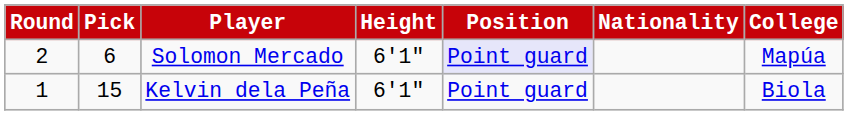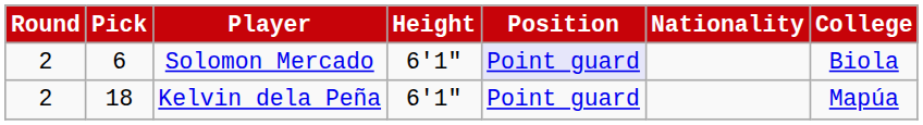 <table class="wikitable sortable sortable">
 <tr>
 <th style="background:#C70309; color:#FFFFFF; ">Round</th>
 <th style="background:#C70309; color:#FFFFFF; ">Pick</th>
 <th style="background:#C70309; color:#FFFFFF; ">Player</th>
 <th style="background:#C70309; color:#FFFFFF; ">Height</th>
 <th style="background:#C70309; color:#FFFFFF; ">Position</th>
 <th style="background:#C70309; color:#FFFFFF; ">Nationality</th>
 <th style="background:#C70309; color:#FFFFFF; ">College</th>
 </tr>
 <tr style="text-align: center">
 <td>2</td>
 <td>6</td>
 <td><a href='#'>Solomon Mercado</a></td>
 <td>6'1"</td>
 <td style="background: lavender;"><a href='#'>Point guard</a></td>
 <td></td>
-<td><a href='#'>Mapúa</a></td>
+<td><a href='#'>Biola</a></td>
 </tr>
 <tr style="text-align: center">
-<td>1</td>
-<td>15</td>
+<td>2</td>
+<td>18</td>
 <td><a href='#'>Kelvin dela Peña</a></td>
 <td>6'1"</td>
 <td><a href='#'>Point guard</a></td>
 <td></td>
-<td><a href='#'>Biola</a></td>
+<td><a href='#'>Mapúa</a></td>
 </tr>
 </table>
